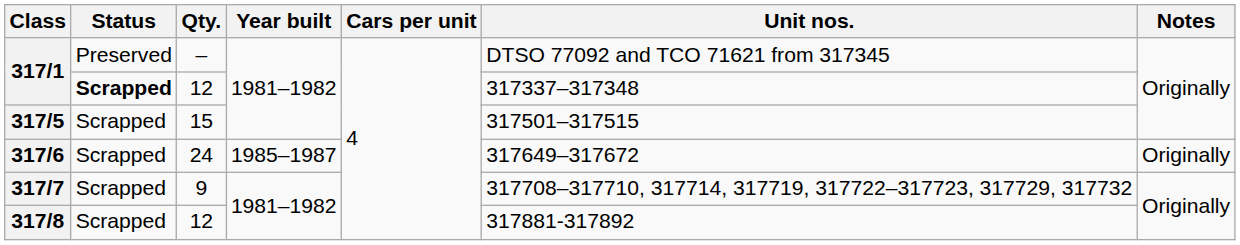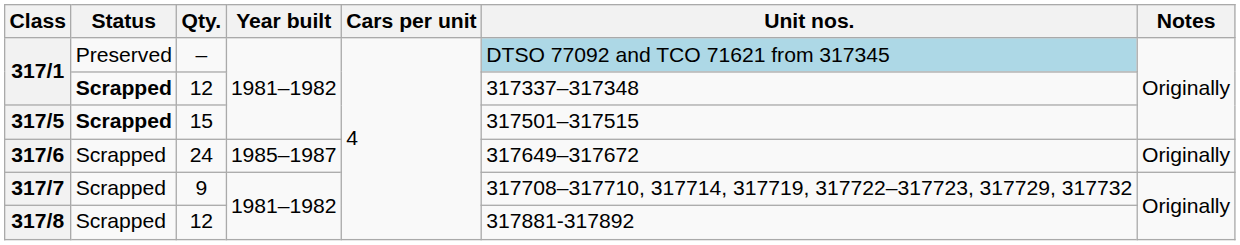 <table class="wikitable mw-collapsible">
 <tr>
 <th>Class</th>
 <th>Status</th>
 <th>Qty.</th>
 <th>Year built</th>
 <th>Cars per unit</th>
 <th>Unit nos.</th>
 <th>Notes</th>
 </tr>
 <tr>
 <th rowspan="2">317/1</th>
 <td>Preserved</td>
 <td align="center">–</td>
 <td rowspan="3">1981–1982</td>
 <td rowspan="7">4</td>
-<td>DTSO 77092 and TCO 71621 from 317345</td>
+<td style="background: lightblue;">DTSO 77092 and TCO 71621 from 317345</td>
 <td rowspan="3">Originally </td>
 </tr>
 <tr>
 <td><strong>Scrapped</strong></td>
 <td align="center">12</td>
 <td>317337–317348</td>
 </tr>
 <tr>
 <th>317/5</th>
-<td>Scrapped</td>
+<td><strong>Scrapped</strong></td>
 <td align="center">15</td>
 <td>317501–317515</td>
 </tr>
 <tr>
 <th>317/6</th>
 <td>Scrapped</td>
 <td align="center">24</td>
 <td align="center">1985–1987</td>
 <td>317649–317672</td>
 <td>Originally </td>
 </tr>
 <tr>
 <th>317/7</th>
 <td>Scrapped</td>
 <td align="center">9</td>
 <td rowspan="3" style="text-align:center;">1981–1982</td>
 <td>317708–317710, 317714, 317719, 317722–317723, 317729, 317732</td>
 <td rowspan="3">Originally </td>
 </tr>
 <tr>
 <th>317/8</th>
 <td>Scrapped</td>
 <td align="center">12</td>
 <td>317881-317892</td>
 </tr>
 </table>
